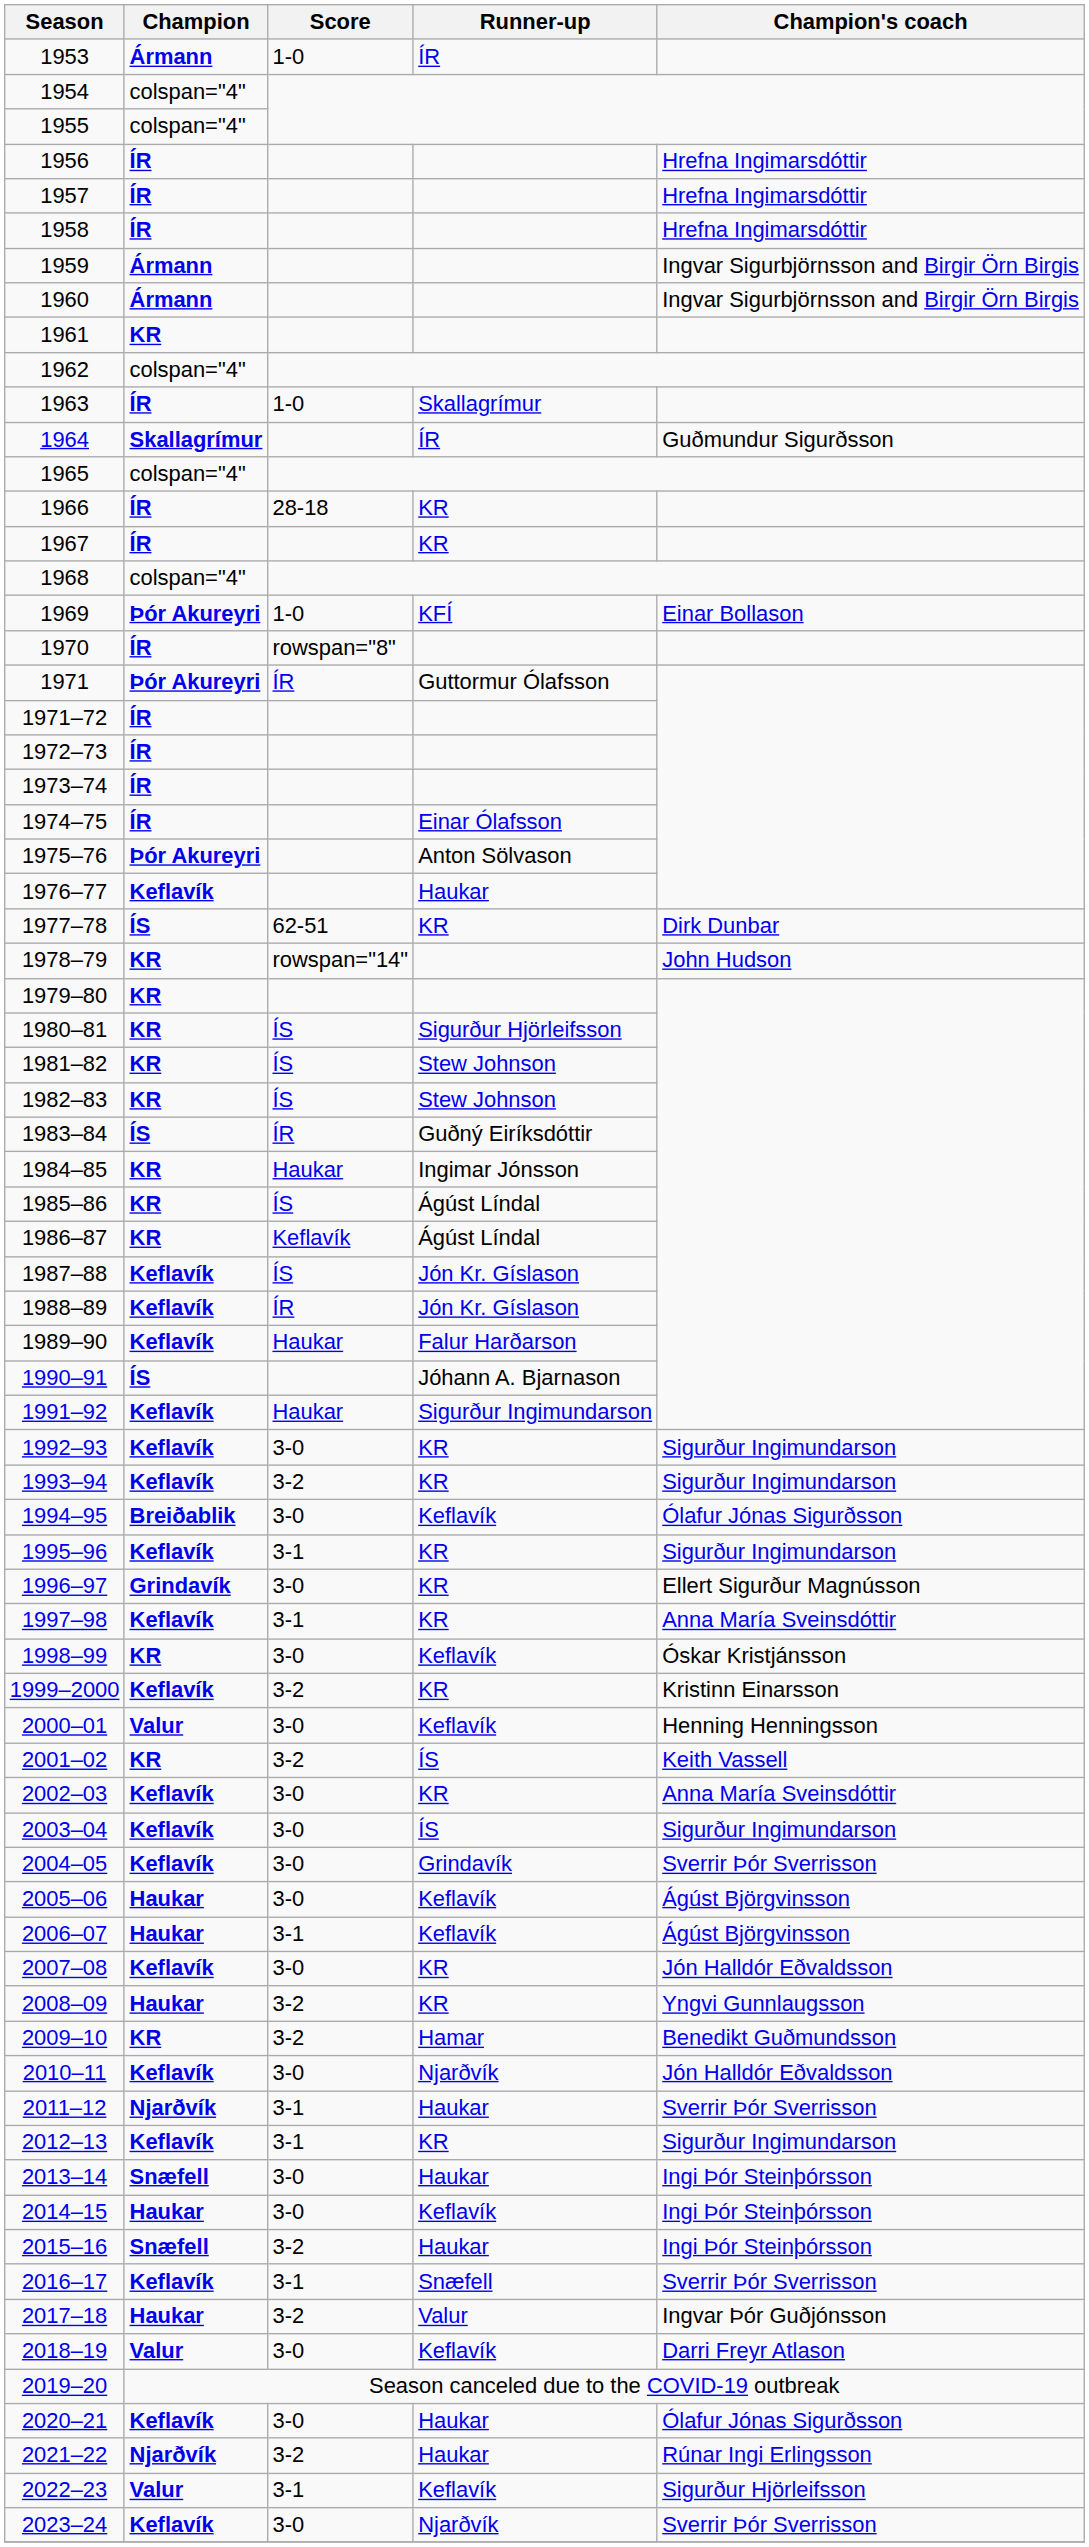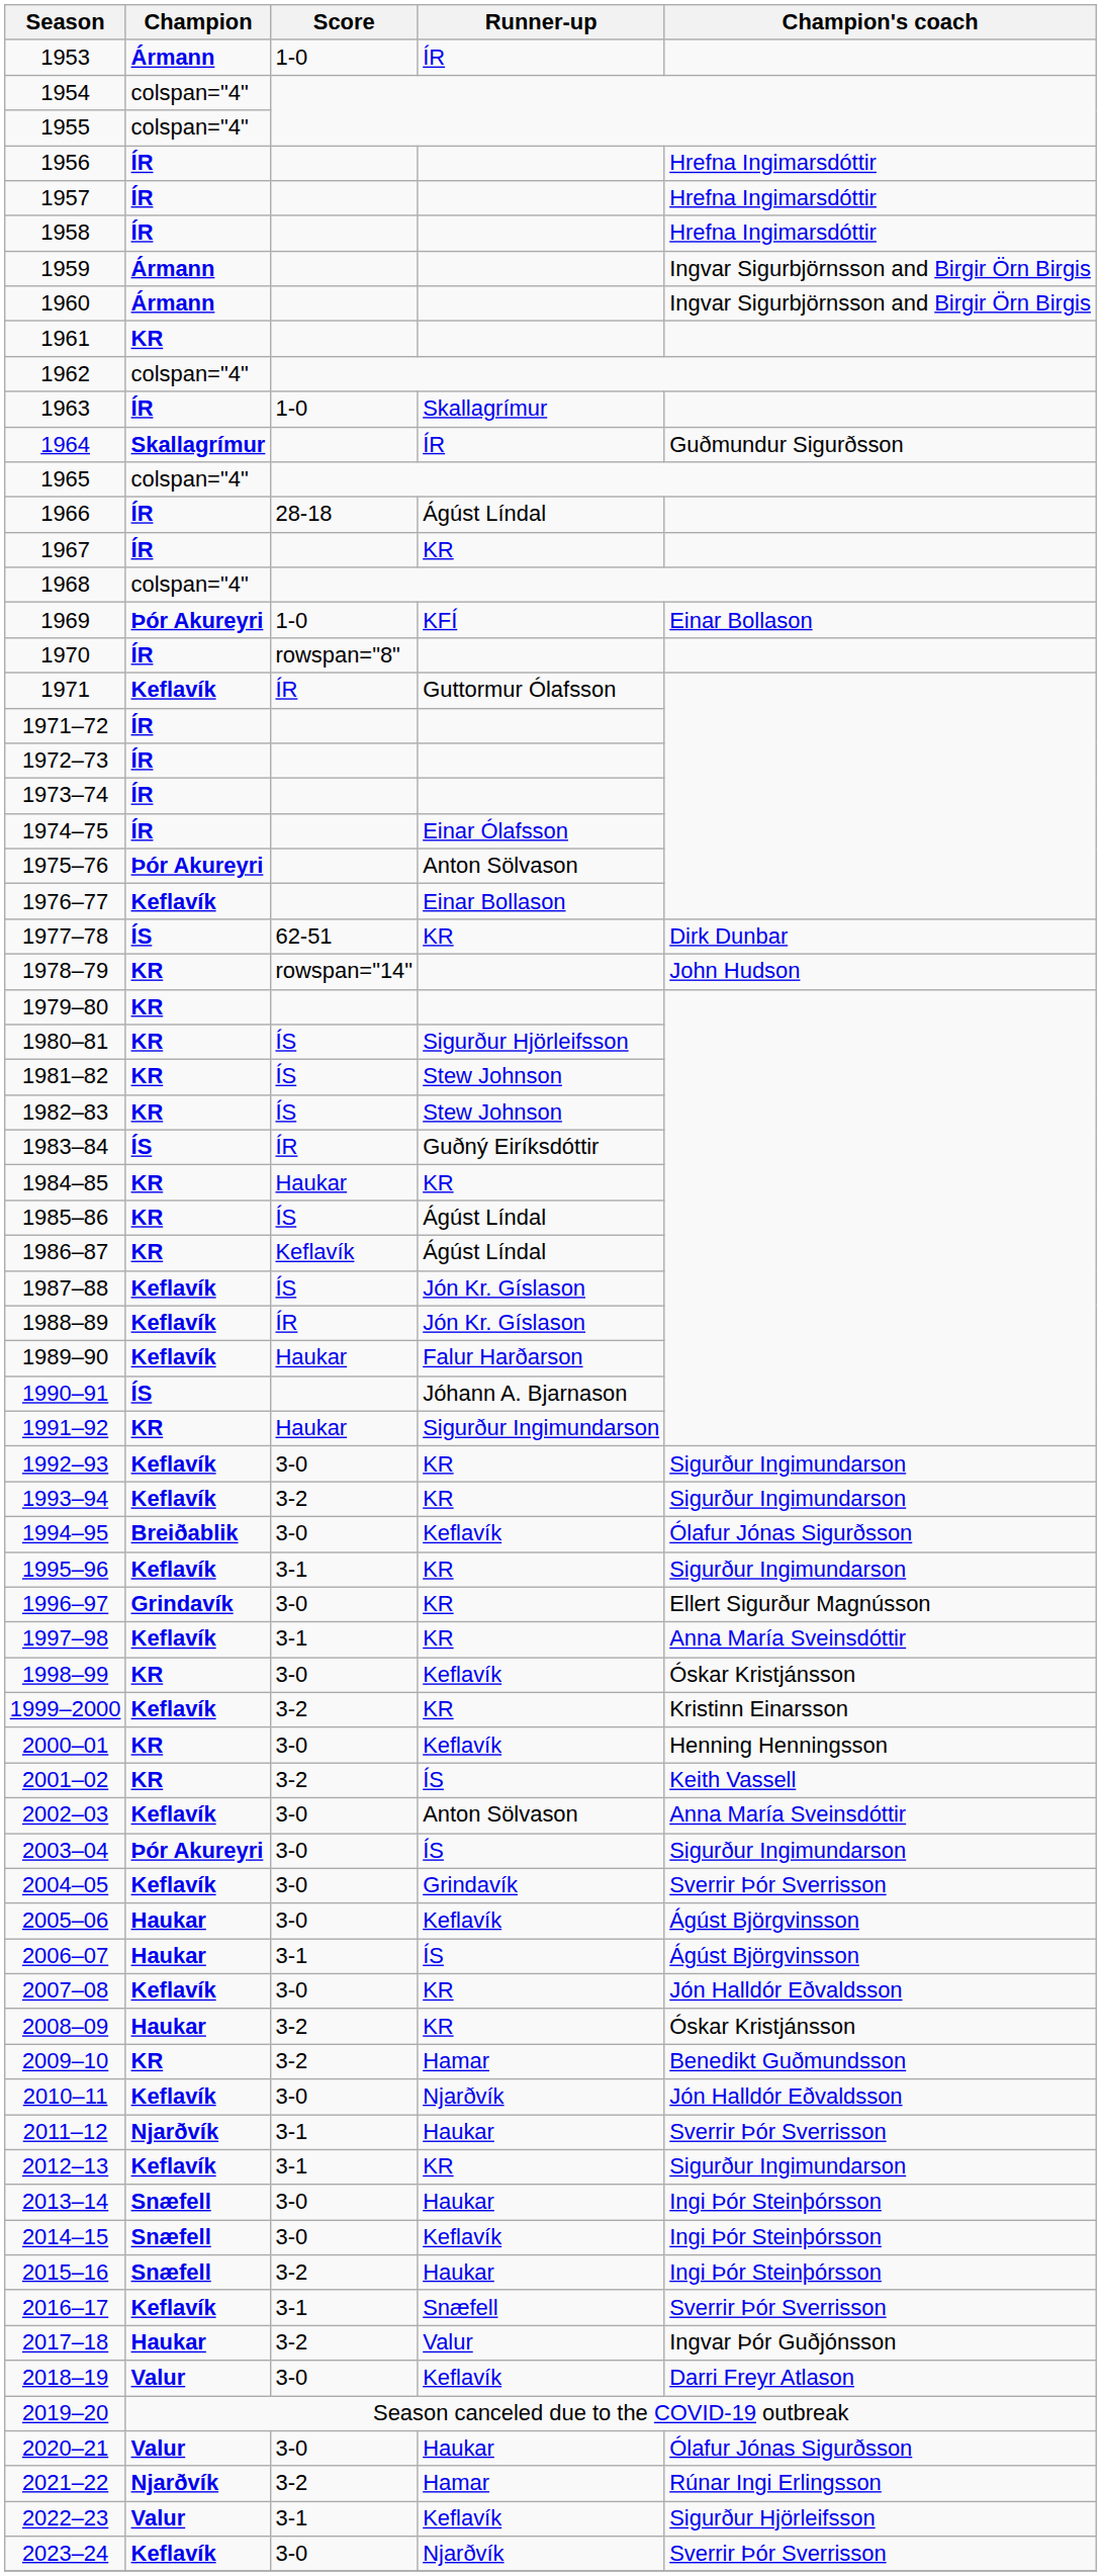 <table class="wikitable">
 <tr>
 <th>Season</th>
 <th>Champion</th>
 <th>Score</th>
 <th>Runner-up</th>
 <th>Champion's coach</th>
 </tr>
 <tr>
 <td style="text-align:center;">1953</td>
 <td><strong><a href='#'>Ármann</a></strong></td>
 <td>1-0</td>
 <td><a href='#'>ÍR</a></td>
 <td></td>
 </tr>
 <tr>
 <td style="text-align:center;">1954</td>
 <td>colspan="4" </td>
 </tr>
 <tr>
 <td style="text-align:center;">1955</td>
 <td>colspan="4" </td>
 </tr>
 <tr>
 <td style="text-align:center;">1956</td>
 <td><strong><a href='#'>ÍR</a></strong></td>
 <td></td>
 <td></td>
 <td> <a href='#'>Hrefna Ingimarsdóttir</a></td>
 </tr>
 <tr>
 <td style="text-align:center;">1957</td>
 <td><strong><a href='#'>ÍR</a></strong></td>
 <td></td>
 <td></td>
 <td> <a href='#'>Hrefna Ingimarsdóttir</a></td>
 </tr>
 <tr>
 <td style="text-align:center;">1958</td>
 <td><strong><a href='#'>ÍR</a></strong></td>
 <td></td>
 <td></td>
 <td> <a href='#'>Hrefna Ingimarsdóttir</a></td>
 </tr>
 <tr>
 <td style="text-align:center;">1959</td>
 <td><strong><a href='#'>Ármann</a></strong></td>
 <td></td>
 <td></td>
 <td> Ingvar Sigurbjörnsson and  <a href='#'>Birgir Örn Birgis</a></td>
 </tr>
 <tr>
 <td style="text-align:center;">1960</td>
 <td><strong><a href='#'>Ármann</a></strong></td>
 <td></td>
 <td></td>
 <td> Ingvar Sigurbjörnsson and  <a href='#'>Birgir Örn Birgis</a></td>
 </tr>
 <tr>
 <td style="text-align:center;">1961</td>
 <td><strong><a href='#'>KR</a></strong></td>
 <td></td>
 <td></td>
 <td></td>
 </tr>
 <tr>
 <td style="text-align:center;">1962</td>
 <td>colspan="4" </td>
 </tr>
 <tr>
 <td style="text-align:center;">1963</td>
 <td><strong><a href='#'>ÍR</a></strong></td>
 <td>1-0</td>
 <td><a href='#'>Skallagrímur</a></td>
 <td></td>
 </tr>
 <tr>
 <td style="text-align:center;"><a href='#'>1964</a></td>
 <td><strong><a href='#'>Skallagrímur</a></strong></td>
 <td></td>
 <td><a href='#'>ÍR</a></td>
 <td> Guðmundur Sigurðsson</td>
 </tr>
 <tr>
 <td style="text-align:center;">1965</td>
 <td>colspan="4" </td>
 </tr>
 <tr>
 <td style="text-align:center;">1966</td>
 <td><strong><a href='#'>ÍR</a></strong></td>
 <td>28-18</td>
-<td><a href='#'>KR</a></td>
+<td> Ágúst Líndal</td>
 <td></td>
 </tr>
 <tr>
 <td style="text-align:center;">1967</td>
 <td><strong><a href='#'>ÍR</a></strong></td>
 <td></td>
 <td><a href='#'>KR</a></td>
 <td></td>
 </tr>
 <tr>
 <td style="text-align:center;">1968</td>
 <td>colspan="4" </td>
 </tr>
 <tr>
 <td style="text-align:center;">1969</td>
 <td><strong><a href='#'>Þór Akureyri</a></strong></td>
 <td>1-0</td>
 <td><a href='#'>KFÍ</a></td>
 <td> <a href='#'>Einar Bollason</a></td>
 </tr>
 <tr>
 <td style="text-align:center;">1970</td>
 <td><strong><a href='#'>ÍR</a></strong></td>
 <td>rowspan="8" </td>
 <td></td>
 <td></td>
 </tr>
 <tr>
 <td style="text-align:center;">1971</td>
-<td><strong><a href='#'>Þór Akureyri</a></strong></td>
+<td><strong><a href='#'>Keflavík</a></strong></td>
 <td><a href='#'>ÍR</a></td>
 <td> Guttormur Ólafsson</td>
 </tr>
 <tr>
 <td style="text-align:center;">1971–72</td>
 <td><strong><a href='#'>ÍR</a></strong></td>
 <td></td>
 <td></td>
 </tr>
 <tr>
 <td style="text-align:center;">1972–73</td>
 <td><strong><a href='#'>ÍR</a></strong></td>
 <td></td>
 <td></td>
 </tr>
 <tr>
 <td style="text-align:center;">1973–74</td>
 <td><strong><a href='#'>ÍR</a></strong></td>
 <td></td>
 <td></td>
 </tr>
 <tr>
 <td style="text-align:center;">1974–75</td>
 <td><strong><a href='#'>ÍR</a></strong></td>
 <td></td>
 <td> <a href='#'>Einar Ólafsson</a></td>
 </tr>
 <tr>
 <td style="text-align:center;">1975–76</td>
 <td><strong><a href='#'>Þór Akureyri</a></strong></td>
 <td></td>
 <td> Anton Sölvason</td>
 </tr>
 <tr>
 <td style="text-align:center;">1976–77</td>
 <td><strong><a href='#'>Keflavík</a></strong></td>
 <td></td>
-<td><a href='#'>Haukar</a></td>
+<td> <a href='#'>Einar Bollason</a></td>
 </tr>
 <tr>
 <td style="text-align:center;">1977–78</td>
 <td><strong><a href='#'>ÍS</a></strong></td>
 <td>62-51</td>
 <td><a href='#'>KR</a></td>
 <td> <a href='#'>Dirk Dunbar</a></td>
 </tr>
 <tr>
 <td style="text-align:center;">1978–79</td>
 <td><strong><a href='#'>KR</a></strong></td>
 <td>rowspan="14" </td>
 <td></td>
 <td> <a href='#'>John Hudson</a></td>
 </tr>
 <tr>
 <td style="text-align:center;">1979–80</td>
 <td><strong><a href='#'>KR</a></strong></td>
 <td></td>
 <td></td>
 </tr>
 <tr>
 <td style="text-align:center;">1980–81</td>
 <td><strong><a href='#'>KR</a></strong></td>
 <td><a href='#'>ÍS</a></td>
 <td> <a href='#'>Sigurður Hjörleifsson</a></td>
 </tr>
 <tr>
 <td style="text-align:center;">1981–82</td>
 <td><strong><a href='#'>KR</a></strong></td>
 <td><a href='#'>ÍS</a></td>
 <td> <a href='#'>Stew Johnson</a></td>
 </tr>
 <tr>
 <td style="text-align:center;">1982–83</td>
 <td><strong><a href='#'>KR</a></strong></td>
 <td><a href='#'>ÍS</a></td>
 <td> <a href='#'>Stew Johnson</a></td>
 </tr>
 <tr>
 <td style="text-align:center;">1983–84</td>
 <td><strong><a href='#'>ÍS</a></strong></td>
 <td><a href='#'>ÍR</a></td>
 <td> Guðný Eiríksdóttir</td>
 </tr>
 <tr>
 <td style="text-align:center;">1984–85</td>
 <td><strong><a href='#'>KR</a></strong></td>
 <td><a href='#'>Haukar</a></td>
-<td> Ingimar Jónsson</td>
+<td><a href='#'>KR</a></td>
 </tr>
 <tr>
 <td style="text-align:center;">1985–86</td>
 <td><strong><a href='#'>KR</a></strong></td>
 <td><a href='#'>ÍS</a></td>
 <td> Ágúst Líndal</td>
 </tr>
 <tr>
 <td style="text-align:center;">1986–87</td>
 <td><strong><a href='#'>KR</a></strong></td>
 <td><a href='#'>Keflavík</a></td>
 <td> Ágúst Líndal</td>
 </tr>
 <tr>
 <td style="text-align:center;">1987–88</td>
 <td><strong><a href='#'>Keflavík</a></strong></td>
 <td><a href='#'>ÍS</a></td>
 <td> <a href='#'>Jón Kr. Gíslason</a></td>
 </tr>
 <tr>
 <td style="text-align:center;">1988–89</td>
 <td><strong><a href='#'>Keflavík</a></strong></td>
 <td><a href='#'>ÍR</a></td>
 <td> <a href='#'>Jón Kr. Gíslason</a></td>
 </tr>
 <tr>
 <td style="text-align:center;">1989–90</td>
 <td><strong><a href='#'>Keflavík</a></strong></td>
 <td><a href='#'>Haukar</a></td>
 <td> <a href='#'>Falur Harðarson</a></td>
 </tr>
 <tr>
 <td style="text-align:center;"><a href='#'>1990–91</a></td>
 <td><strong><a href='#'>ÍS</a></strong></td>
 <td></td>
 <td> Jóhann A. Bjarnason</td>
 </tr>
 <tr>
 <td style="text-align:center;"><a href='#'>1991–92</a></td>
-<td><strong><a href='#'>Keflavík</a></strong></td>
+<td><strong><a href='#'>KR</a></strong></td>
 <td><a href='#'>Haukar</a></td>
 <td> <a href='#'>Sigurður Ingimundarson</a></td>
 </tr>
 <tr>
 <td style="text-align:center;"><a href='#'>1992–93</a></td>
 <td><strong><a href='#'>Keflavík</a></strong></td>
 <td>3-0</td>
 <td><a href='#'>KR</a></td>
 <td> <a href='#'>Sigurður Ingimundarson</a></td>
 </tr>
 <tr>
 <td style="text-align:center;"><a href='#'>1993–94</a></td>
 <td><strong><a href='#'>Keflavík</a></strong></td>
 <td>3-2</td>
 <td><a href='#'>KR</a></td>
 <td> <a href='#'>Sigurður Ingimundarson</a></td>
 </tr>
 <tr>
 <td style="text-align:center;"><a href='#'>1994–95</a></td>
 <td><strong><a href='#'>Breiðablik</a></strong></td>
 <td>3-0</td>
 <td><a href='#'>Keflavík</a></td>
 <td> <a href='#'>Ólafur Jónas Sigurðsson</a></td>
 </tr>
 <tr>
 <td style="text-align:center;"><a href='#'>1995–96</a></td>
 <td><strong><a href='#'>Keflavík</a></strong></td>
 <td>3-1</td>
 <td><a href='#'>KR</a></td>
 <td> <a href='#'>Sigurður Ingimundarson</a></td>
 </tr>
 <tr>
 <td style="text-align:center;"><a href='#'>1996–97</a></td>
 <td><strong><a href='#'>Grindavík</a></strong></td>
 <td>3-0</td>
 <td><a href='#'>KR</a></td>
 <td> Ellert Sigurður Magnússon</td>
 </tr>
 <tr>
 <td style="text-align:center;"><a href='#'>1997–98</a></td>
 <td><strong><a href='#'>Keflavík</a></strong></td>
 <td>3-1</td>
 <td><a href='#'>KR</a></td>
 <td> <a href='#'>Anna María Sveinsdóttir</a></td>
 </tr>
 <tr>
 <td style="text-align:center;"><a href='#'>1998–99</a></td>
 <td><strong><a href='#'>KR</a></strong></td>
 <td>3-0</td>
 <td><a href='#'>Keflavík</a></td>
 <td> Óskar Kristjánsson</td>
 </tr>
 <tr>
 <td style="text-align:center;"><a href='#'>1999–2000</a></td>
 <td><strong><a href='#'>Keflavík</a></strong></td>
 <td>3-2</td>
 <td><a href='#'>KR</a></td>
 <td> Kristinn Einarsson</td>
 </tr>
 <tr>
 <td style="text-align:center;"><a href='#'>2000–01</a></td>
-<td><strong><a href='#'>Valur</a></strong></td>
+<td><strong><a href='#'>KR</a></strong></td>
 <td>3-0</td>
 <td><a href='#'>Keflavík</a></td>
 <td> Henning Henningsson</td>
 </tr>
 <tr>
 <td style="text-align:center;"><a href='#'>2001–02</a></td>
 <td><strong><a href='#'>KR</a></strong></td>
 <td>3-2</td>
 <td><a href='#'>ÍS</a></td>
 <td> <a href='#'>Keith Vassell</a></td>
 </tr>
 <tr>
 <td style="text-align:center;"><a href='#'>2002–03</a></td>
 <td><strong><a href='#'>Keflavík</a></strong></td>
 <td>3-0</td>
-<td><a href='#'>KR</a></td>
+<td> Anton Sölvason</td>
 <td> <a href='#'>Anna María Sveinsdóttir</a></td>
 </tr>
 <tr>
 <td style="text-align:center;"><a href='#'>2003–04</a></td>
-<td><strong><a href='#'>Keflavík</a></strong></td>
+<td><strong><a href='#'>Þór Akureyri</a></strong></td>
 <td>3-0</td>
 <td><a href='#'>ÍS</a></td>
 <td> <a href='#'>Sigurður Ingimundarson</a></td>
 </tr>
 <tr>
 <td style="text-align:center;"><a href='#'>2004–05</a></td>
 <td><strong><a href='#'>Keflavík</a></strong></td>
 <td>3-0</td>
 <td><a href='#'>Grindavík</a></td>
 <td> <a href='#'>Sverrir Þór Sverrisson</a></td>
 </tr>
 <tr>
 <td style="text-align:center;"><a href='#'>2005–06</a></td>
 <td><strong><a href='#'>Haukar</a></strong></td>
 <td>3-0</td>
 <td><a href='#'>Keflavík</a></td>
 <td> <a href='#'>Ágúst Björgvinsson</a></td>
 </tr>
 <tr>
 <td style="text-align:center;"><a href='#'>2006–07</a></td>
 <td><strong><a href='#'>Haukar</a></strong></td>
 <td>3-1</td>
-<td><a href='#'>Keflavík</a></td>
+<td><a href='#'>ÍS</a></td>
 <td> <a href='#'>Ágúst Björgvinsson</a></td>
 </tr>
 <tr>
 <td style="text-align:center;"><a href='#'>2007–08</a></td>
 <td><strong><a href='#'>Keflavík</a></strong></td>
 <td>3-0</td>
 <td><a href='#'>KR</a></td>
 <td> <a href='#'>Jón Halldór Eðvaldsson</a></td>
 </tr>
 <tr>
 <td style="text-align:center;"><a href='#'>2008–09</a></td>
 <td><strong><a href='#'>Haukar</a></strong></td>
 <td>3-2</td>
 <td><a href='#'>KR</a></td>
-<td> <a href='#'>Yngvi Gunnlaugsson</a></td>
+<td> Óskar Kristjánsson</td>
 </tr>
 <tr>
 <td style="text-align:center;"><a href='#'>2009–10</a></td>
 <td><strong><a href='#'>KR</a></strong></td>
 <td>3-2</td>
 <td><a href='#'>Hamar</a></td>
 <td> <a href='#'>Benedikt Guðmundsson</a></td>
 </tr>
 <tr>
 <td style="text-align:center;"><a href='#'>2010–11</a></td>
 <td><strong><a href='#'>Keflavík</a></strong></td>
 <td>3-0</td>
 <td><a href='#'>Njarðvík</a></td>
 <td> <a href='#'>Jón Halldór Eðvaldsson</a></td>
 </tr>
 <tr>
 <td style="text-align:center;"><a href='#'>2011–12</a></td>
 <td><strong><a href='#'>Njarðvík</a></strong></td>
 <td>3-1</td>
 <td><a href='#'>Haukar</a></td>
 <td> <a href='#'>Sverrir Þór Sverrisson</a></td>
 </tr>
 <tr>
 <td style="text-align:center;"><a href='#'>2012–13</a></td>
 <td><strong><a href='#'>Keflavík</a></strong></td>
 <td>3-1</td>
 <td><a href='#'>KR</a></td>
 <td> <a href='#'>Sigurður Ingimundarson</a></td>
 </tr>
 <tr>
 <td style="text-align:center;"><a href='#'>2013–14</a></td>
 <td><strong><a href='#'>Snæfell</a></strong></td>
 <td>3-0</td>
 <td><a href='#'>Haukar</a></td>
 <td> <a href='#'>Ingi Þór Steinþórsson</a></td>
 </tr>
 <tr>
 <td style="text-align:center;"><a href='#'>2014–15</a></td>
-<td><strong><a href='#'>Haukar</a></strong></td>
+<td><strong><a href='#'>Snæfell</a></strong></td>
 <td>3-0</td>
 <td><a href='#'>Keflavík</a></td>
 <td> <a href='#'>Ingi Þór Steinþórsson</a></td>
 </tr>
 <tr>
 <td style="text-align:center;"><a href='#'>2015–16</a></td>
 <td><strong><a href='#'>Snæfell</a></strong></td>
 <td>3-2</td>
 <td><a href='#'>Haukar</a></td>
 <td> <a href='#'>Ingi Þór Steinþórsson</a></td>
 </tr>
 <tr>
 <td style="text-align:center;"><a href='#'>2016–17</a></td>
 <td><strong><a href='#'>Keflavík</a></strong></td>
 <td>3-1</td>
 <td><a href='#'>Snæfell</a></td>
 <td> <a href='#'>Sverrir Þór Sverrisson</a></td>
 </tr>
 <tr>
 <td style="text-align:center;"><a href='#'>2017–18</a></td>
 <td><strong><a href='#'>Haukar</a></strong></td>
 <td>3-2</td>
 <td><a href='#'>Valur</a></td>
 <td> Ingvar Þór Guðjónsson</td>
 </tr>
 <tr>
 <td style="text-align:center;"><a href='#'>2018–19</a></td>
 <td><strong><a href='#'>Valur</a></strong></td>
 <td>3-0</td>
 <td><a href='#'>Keflavík</a></td>
 <td> <a href='#'>Darri Freyr Atlason</a></td>
 </tr>
 <tr>
 <td style="text-align:center;"><a href='#'>2019–20</a></td>
 <td colspan=4 align=center>Season canceled due to the <a href='#'>COVID-19</a> outbreak</td>
 </tr>
 <tr>
 <td style="text-align:center;"><a href='#'>2020–21</a></td>
-<td><strong><a href='#'>Keflavík</a></strong></td>
+<td><strong><a href='#'>Valur</a></strong></td>
 <td>3-0</td>
 <td><a href='#'>Haukar</a></td>
 <td> <a href='#'>Ólafur Jónas Sigurðsson</a></td>
 </tr>
 <tr>
 <td style="text-align:center;"><a href='#'>2021–22</a></td>
 <td><strong><a href='#'>Njarðvík</a></strong></td>
 <td>3-2</td>
-<td><a href='#'>Haukar</a></td>
+<td><a href='#'>Hamar</a></td>
 <td> <a href='#'>Rúnar Ingi Erlingsson</a></td>
 </tr>
 <tr>
 <td style="text-align:center;"><a href='#'>2022–23</a></td>
 <td><strong><a href='#'>Valur</a></strong></td>
 <td>3-1</td>
 <td><a href='#'>Keflavík</a></td>
 <td> <a href='#'>Sigurður Hjörleifsson</a></td>
 </tr>
 <tr>
 <td style="text-align:center;"><a href='#'>2023–24</a></td>
 <td><strong><a href='#'>Keflavík</a></strong></td>
 <td>3-0</td>
 <td><a href='#'>Njarðvík</a></td>
 <td> <a href='#'>Sverrir Þór Sverrisson</a></td>
 </tr>
 <tr>
 </tr>
 </table>
